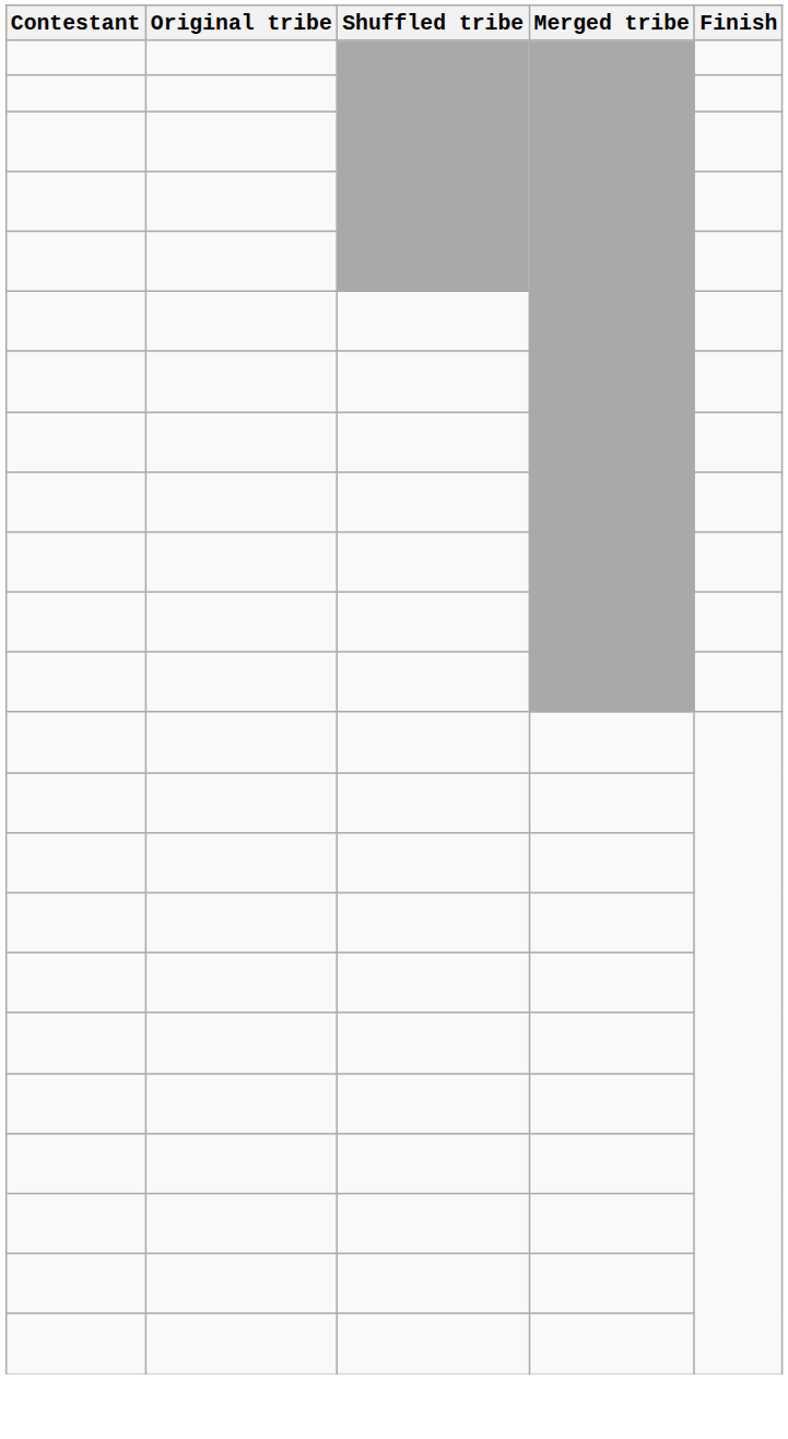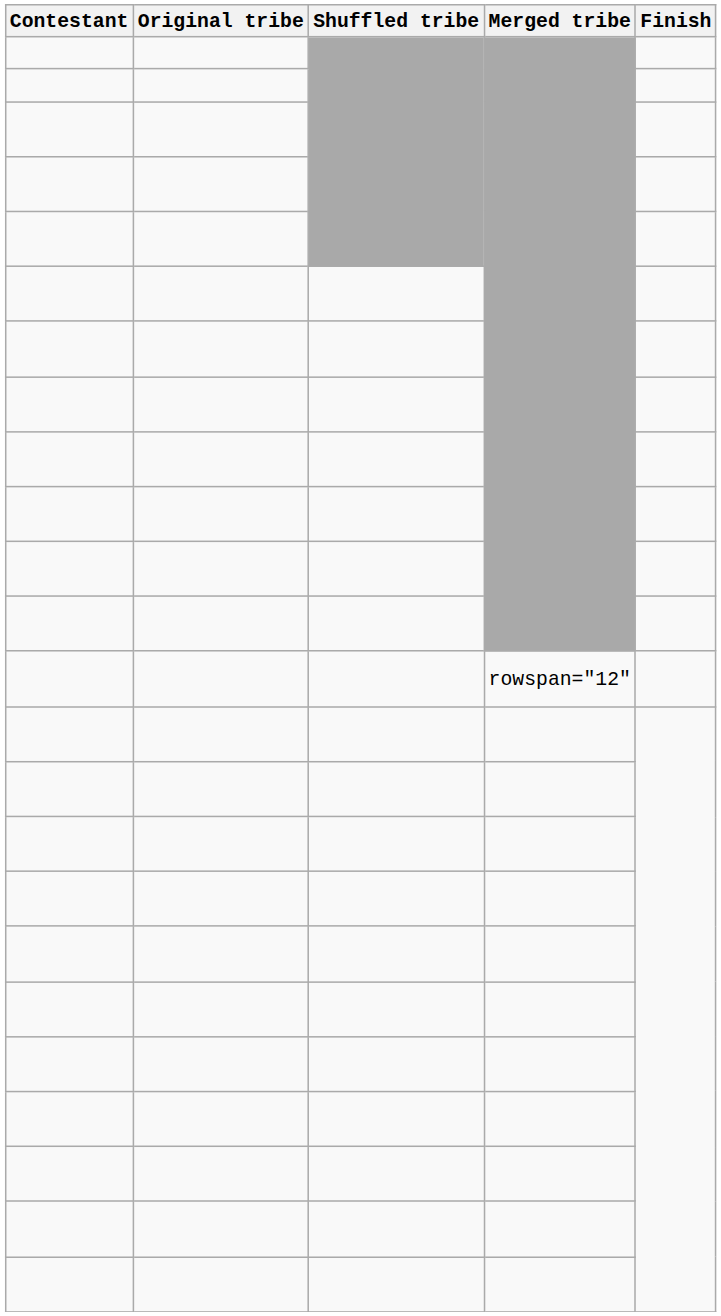 <table class="wikitable sortable nowrap" style="margin:auto; text-align:center">
 <tr>
 <th>Contestant</th>
 <th>Original tribe</th>
 <th>Shuffled tribe</th>
 <th>Merged tribe</th>
 <th>Finish</th>
 </tr>
 <tr>
 <td align="left"><strong></strong><br></td>
 <td></td>
 <td style="background:darkgrey;" rowspan="5"></td>
 <td style="background:darkgrey;" rowspan="12"></td>
 <td></td>
 </tr>
 <tr>
 <td align="left"><strong></strong><br></td>
 <td></td>
 <td></td>
 </tr>
 <tr>
 <td align="left"><strong></strong><br><br></td>
 <td></td>
 <td></td>
 </tr>
 <tr>
 <td align="left"><strong></strong><br><br></td>
 <td></td>
 <td></td>
 </tr>
 <tr>
 <td align="left"><strong></strong><br><br></td>
 <td></td>
 <td></td>
 </tr>
 <tr>
 <td align="left"><strong></strong><br><br></td>
 <td></td>
 <td></td>
 <td></td>
 </tr>
 <tr>
 <td align="left"><strong></strong><br><br></td>
 <td></td>
 <td></td>
 <td></td>
 </tr>
 <tr>
 <td align="left"><strong></strong><br><br></td>
 <td></td>
 <td></td>
 <td></td>
 </tr>
 <tr>
 <td align="left"><strong></strong><br><br></td>
 <td></td>
 <td></td>
 <td></td>
 </tr>
 <tr>
 <td align="left"><strong></strong><br><br></td>
 <td></td>
 <td></td>
 <td></td>
 </tr>
 <tr>
 <td align="left"><strong></strong><br><br></td>
 <td></td>
 <td></td>
 <td></td>
 </tr>
 <tr>
 <td align="left"><strong></strong><br><br></td>
 <td></td>
 <td></td>
 <td></td>
 </tr>
 <tr>
 <td align="left"><strong></strong><br><br></td>
 <td></td>
 <td></td>
+<td>rowspan="12" </td>
+<td></td>
+</tr>
+<tr>
+<td align="left"><strong></strong><br><br></td>
+<td></td>
+<td></td>
 <td></td>
 </tr>
 <tr>
 <td align="left"><strong></strong><br><br></td>
 <td></td>
 <td></td>
 <td></td>
 </tr>
 <tr>
 <td align="left"><strong></strong><br><br></td>
 <td></td>
 <td></td>
 <td></td>
 </tr>
 <tr>
 <td align="left"><strong></strong><br><br></td>
 <td></td>
 <td></td>
 <td></td>
 </tr>
 <tr>
 <td align="left"><strong></strong><br><br></td>
 <td></td>
 <td></td>
 <td></td>
 </tr>
 <tr>
 <td align="left"><strong></strong><br><br></td>
 <td></td>
 <td></td>
 <td></td>
 </tr>
 <tr>
 <td align="left"><strong></strong><br><br></td>
 <td></td>
 <td></td>
 <td></td>
 </tr>
 <tr>
 <td align="left"><strong></strong><br><br></td>
 <td></td>
 <td></td>
 <td></td>
 </tr>
 <tr>
 <td align="left"><strong></strong><br><br></td>
 <td></td>
 <td></td>
 <td></td>
 </tr>
 <tr>
 <td align="left"><strong></strong><br><br></td>
 <td></td>
 <td></td>
 <td></td>
 </tr>
 <tr>
 <td align="left"><strong></strong><br><br></td>
 <td></td>
 <td></td>
 <td></td>
 </tr>
 </table>
